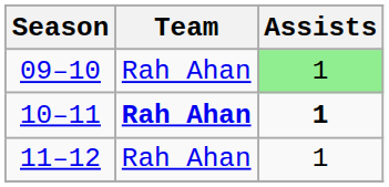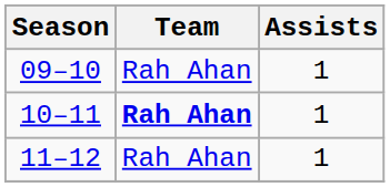 <table class="wikitable" style="text-align: center;">
 <tr>
 <th>Season</th>
 <th>Team</th>
 <th>Assists</th>
 </tr>
 <tr>
 <td><a href='#'>09–10</a></td>
 <td align="left"><a href='#'>Rah Ahan</a></td>
-<td style="background: lightgreen;">1</td>
+<td>1</td>
 </tr>
 <tr>
 <td><a href='#'>10–11</a></td>
 <td align="left"><strong><a href='#'>Rah Ahan</a></strong></td>
-<td><strong>1</strong></td>
+<td>1</td>
 </tr>
 <tr>
 <td><a href='#'>11–12</a></td>
 <td align="left"><a href='#'>Rah Ahan</a></td>
 <td>1</td>
 </tr>
 <tr>
 </tr>
 </table>
